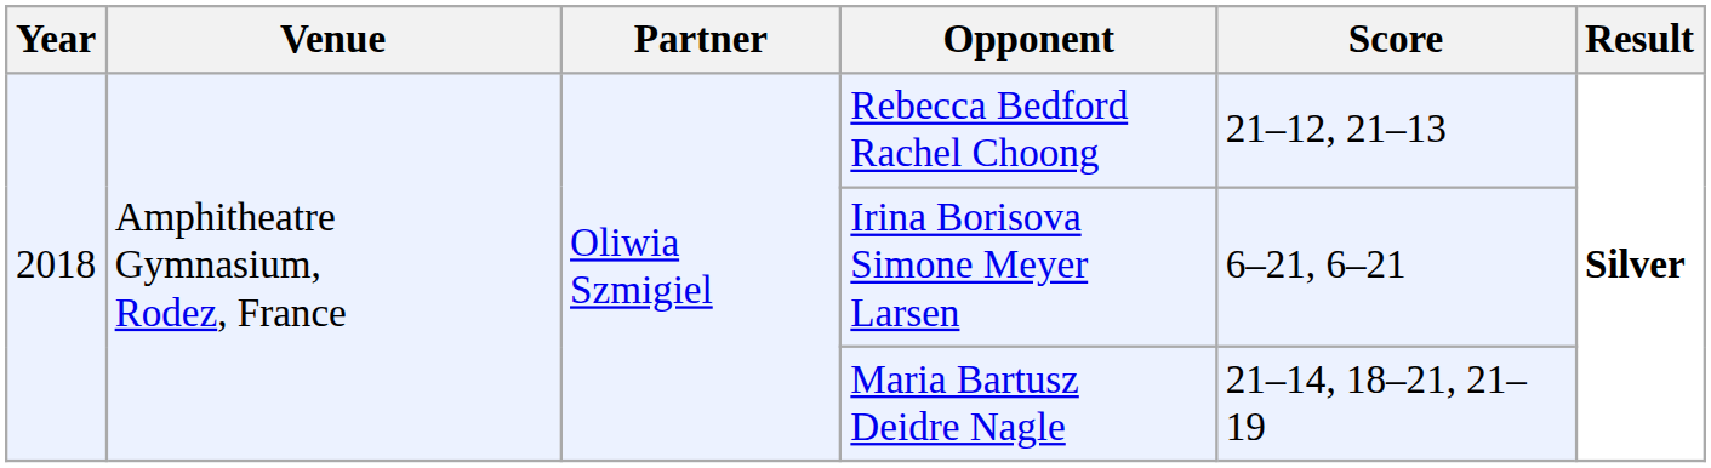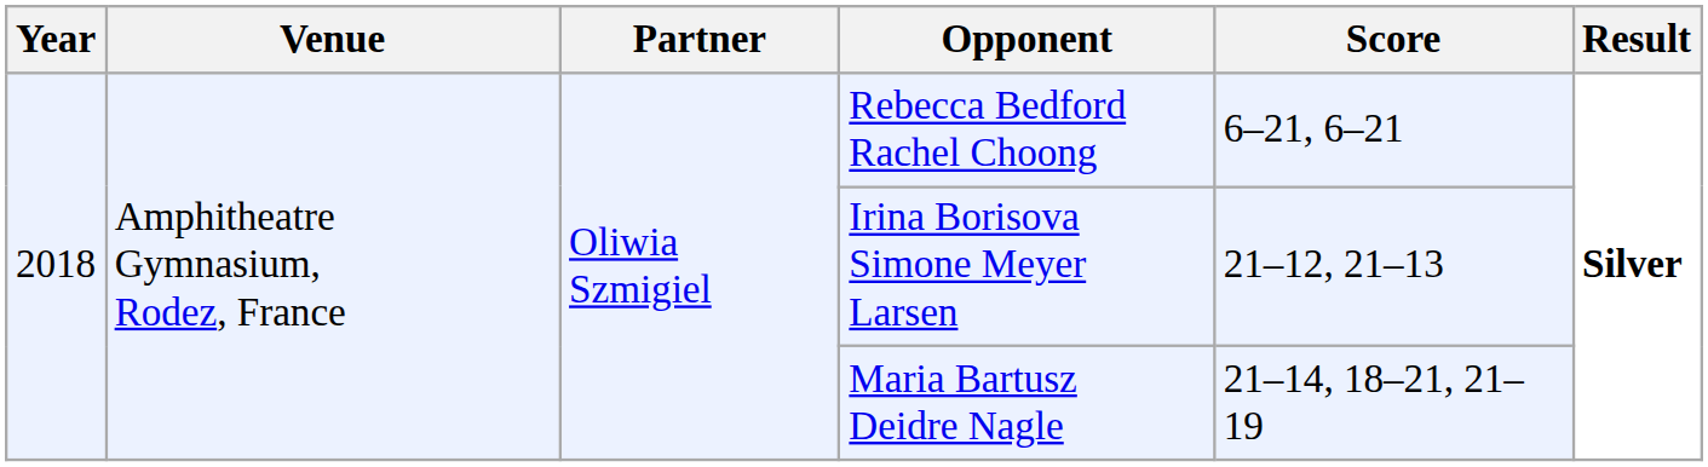 <table class="sortable wikitable" style="font-size: 90%;">
 <tr>
 <th>Year</th>
 <th>Venue</th>
 <th>Partner</th>
 <th>Opponent</th>
 <th>Score</th>
 <th>Result</th>
 </tr>
 <tr style="background:#ECF2FF">
 <td rowspan="3" align="center">2018</td>
 <td rowspan="3" align="left">Amphitheatre Gymnasium,<br><a href='#'>Rodez</a>, France</td>
 <td rowspan="3"> <a href='#'>Oliwia Szmigiel</a></td>
 <td align="left"> <a href='#'>Rebecca Bedford</a><br> <a href='#'>Rachel Choong</a></td>
-<td align="left">21–12, 21–13</td>
+<td align="left">6–21, 6–21</td>
 <td rowspan="3" style="text-align:left; background:white"> <strong>Silver</strong></td>
 </tr>
 <tr style="background:#ECF2FF">
 <td align="left"> <a href='#'>Irina Borisova</a><br> <a href='#'>Simone Meyer Larsen</a></td>
-<td align="left">6–21, 6–21</td>
+<td align="left">21–12, 21–13</td>
 </tr>
 <tr style="background:#ECF2FF">
 <td align="left"> <a href='#'>Maria Bartusz</a><br> <a href='#'>Deidre Nagle</a></td>
 <td align="left">21–14, 18–21, 21–19</td>
 </tr>
 </table>
